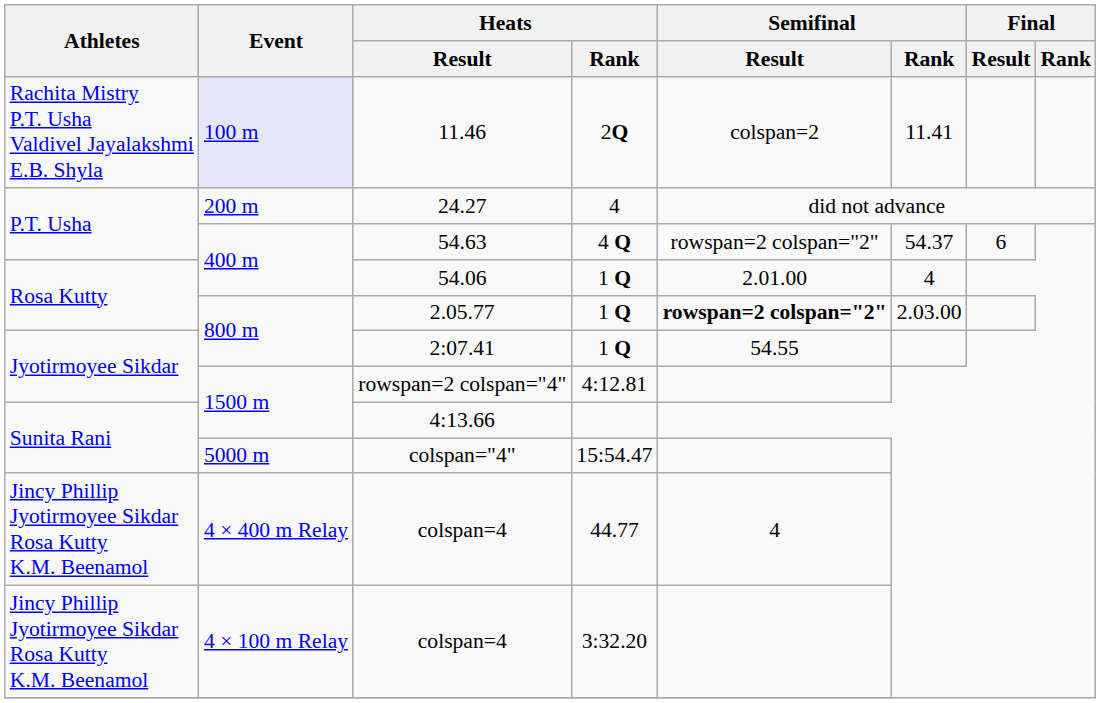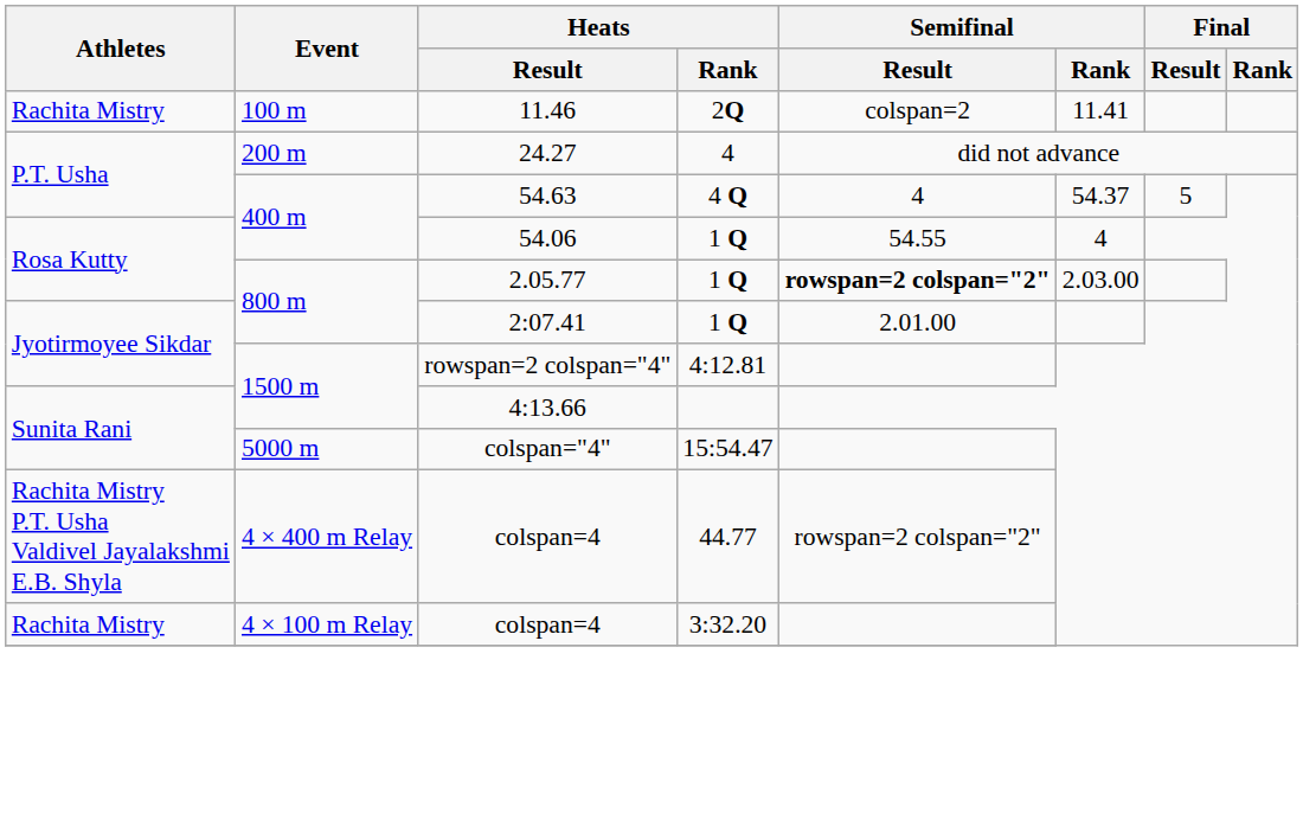 <table class="wikitable" style="text-align:center; font-size:90%">
 <tr>
 <th rowspan=2>Athletes</th>
 <th rowspan=2>Event</th>
 <th colspan=2>Heats</th>
 <th colspan=2>Semifinal</th>
 <th colspan=2>Final</th>
 </tr>
 <tr>
 <th>Result</th>
 <th>Rank</th>
 <th>Result</th>
 <th>Rank</th>
 <th>Result</th>
 <th>Rank</th>
 </tr>
 <tr>
-<td align=left><a href='#'>Rachita Mistry</a> <br><a href='#'>P.T. Usha</a><br> <a href='#'>Valdivel Jayalakshmi</a><br> <a href='#'>E.B. Shyla</a> <br></td>
-<td align=left style="background: lavender;"><a href='#'>100 m</a></td>
+<td align=left><a href='#'>Rachita Mistry</a></td>
+<td align=left><a href='#'>100 m</a></td>
 <td>11.46</td>
 <td>2<strong>Q</strong></td>
 <td>colspan=2 </td>
 <td>11.41</td>
 <td></td>
 </tr>
 <tr>
 <td align=left rowspan=2><a href='#'>P.T. Usha</a></td>
 <td align=left><a href='#'>200 m</a></td>
 <td>24.27</td>
 <td>4</td>
 <td colspan=4>did not advance</td>
 </tr>
 <tr>
 <td align=left rowspan=2><a href='#'>400 m</a></td>
 <td>54.63</td>
 <td>4 <strong>Q</strong></td>
-<td>rowspan=2 colspan="2" </td>
+<td>4</td>
 <td>54.37</td>
-<td>6</td>
+<td>5</td>
 </tr>
 <tr>
 <td align=left rowspan=2><a href='#'>Rosa Kutty</a></td>
 <td>54.06</td>
 <td>1 <strong>Q</strong></td>
-<td>2.01.00</td>
+<td>54.55</td>
 <td>4</td>
 </tr>
 <tr>
 <td align=left rowspan=2><a href='#'>800 m</a></td>
 <td>2.05.77</td>
 <td>1 <strong>Q</strong></td>
 <td><strong>rowspan=2 colspan="2" </strong></td>
 <td>2.03.00</td>
 <td></td>
 </tr>
 <tr>
 <td align=left rowspan=2><a href='#'>Jyotirmoyee Sikdar</a></td>
 <td>2:07.41</td>
 <td>1 <strong>Q</strong></td>
-<td>54.55</td>
+<td>2.01.00</td>
 <td></td>
 </tr>
 <tr>
 <td align=left rowspan=2><a href='#'>1500 m</a></td>
 <td>rowspan=2 colspan="4" </td>
 <td>4:12.81</td>
 <td></td>
 </tr>
 <tr>
 <td align=left rowspan=2><a href='#'>Sunita Rani</a></td>
 <td>4:13.66</td>
 <td></td>
 </tr>
 <tr>
 <td align=left><a href='#'>5000 m</a></td>
 <td>colspan="4" </td>
 <td>15:54.47</td>
 <td></td>
 </tr>
 <tr>
-<td align=left><a href='#'>Jincy Phillip</a> <br><a href='#'>Jyotirmoyee Sikdar</a><br> <a href='#'>Rosa Kutty</a><br> <a href='#'>K.M. Beenamol</a> <br></td>
+<td align=left><a href='#'>Rachita Mistry</a> <br><a href='#'>P.T. Usha</a><br> <a href='#'>Valdivel Jayalakshmi</a><br> <a href='#'>E.B. Shyla</a> <br></td>
 <td align=left><a href='#'>4 × 400 m Relay</a></td>
 <td>colspan=4 </td>
 <td>44.77</td>
-<td>4</td>
+<td>rowspan=2 colspan="2" </td>
 </tr>
 <tr>
-<td align=left><a href='#'>Jincy Phillip</a> <br><a href='#'>Jyotirmoyee Sikdar</a><br> <a href='#'>Rosa Kutty</a><br> <a href='#'>K.M. Beenamol</a> <br></td>
+<td align=left><a href='#'>Rachita Mistry</a></td>
 <td align=left><a href='#'>4 × 100 m Relay</a></td>
 <td>colspan=4 </td>
 <td>3:32.20</td>
 <td></td>
 </tr>
 <tr>
 </tr>
 </table>
